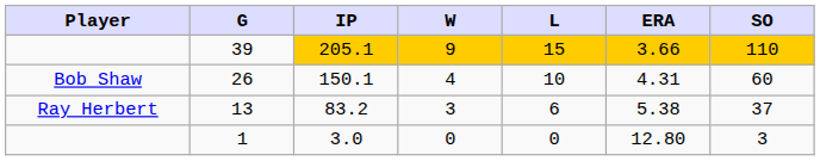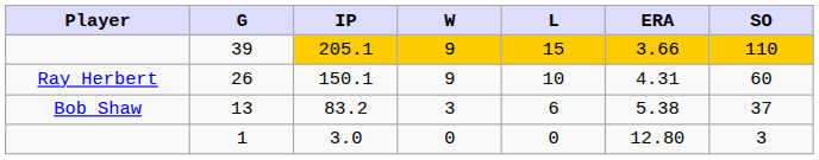 <table class="wikitable sortable">
 <tr>
 <th style="background:#ddf; width:16%;">Player</th>
 <th style="background:#ddf; width:9%;">G</th>
 <th style="background:#ddf; width:9%;">IP</th>
 <th style="background:#ddf; width:9%;">W</th>
 <th style="background:#ddf; width:9%;">L</th>
 <th style="background:#ddf; width:9%;">ERA</th>
 <th style="background:#ddf; width:9%;">SO</th>
 </tr>
 <tr style="text-align:center;">
 <td></td>
 <td>39</td>
 <td style="background:#fc0;">205.1</td>
 <td style="background:#fc0;">9</td>
 <td style="background:#fc0;">15</td>
 <td style="background:#fc0;">3.66</td>
 <td style="background:#fc0;">110</td>
 </tr>
 <tr style="text-align:center;">
-<td><a href='#'>Bob Shaw</a></td>
+<td><a href='#'>Ray Herbert</a></td>
 <td>26</td>
 <td>150.1</td>
-<td>4</td>
+<td>9</td>
 <td>10</td>
 <td>4.31</td>
 <td>60</td>
 </tr>
 <tr align="center">
-<td><a href='#'>Ray Herbert</a></td>
+<td><a href='#'>Bob Shaw</a></td>
 <td>13</td>
 <td>83.2</td>
 <td>3</td>
 <td>6</td>
 <td>5.38</td>
 <td>37</td>
 </tr>
 <tr align="center">
 <td></td>
 <td>1</td>
 <td>3.0</td>
 <td>0</td>
 <td>0</td>
 <td>12.80</td>
 <td>3</td>
 </tr>
 </table>
